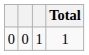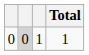 <table class="wikitable">
 <tr>
 <th></th>
 <th></th>
 <th></th>
 <th>Total</th>
 </tr>
 <tr style="text-align:center;">
 <td>0</td>
-<td>0</td>
+<td style="background: lightgrey;">0</td>
 <td>1</td>
 <td>1</td>
 </tr>
 </table>
